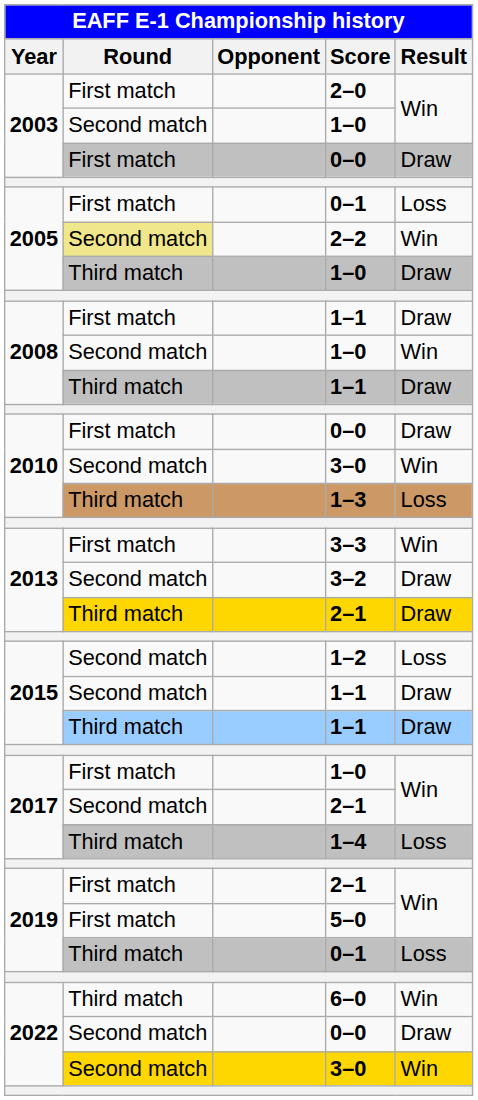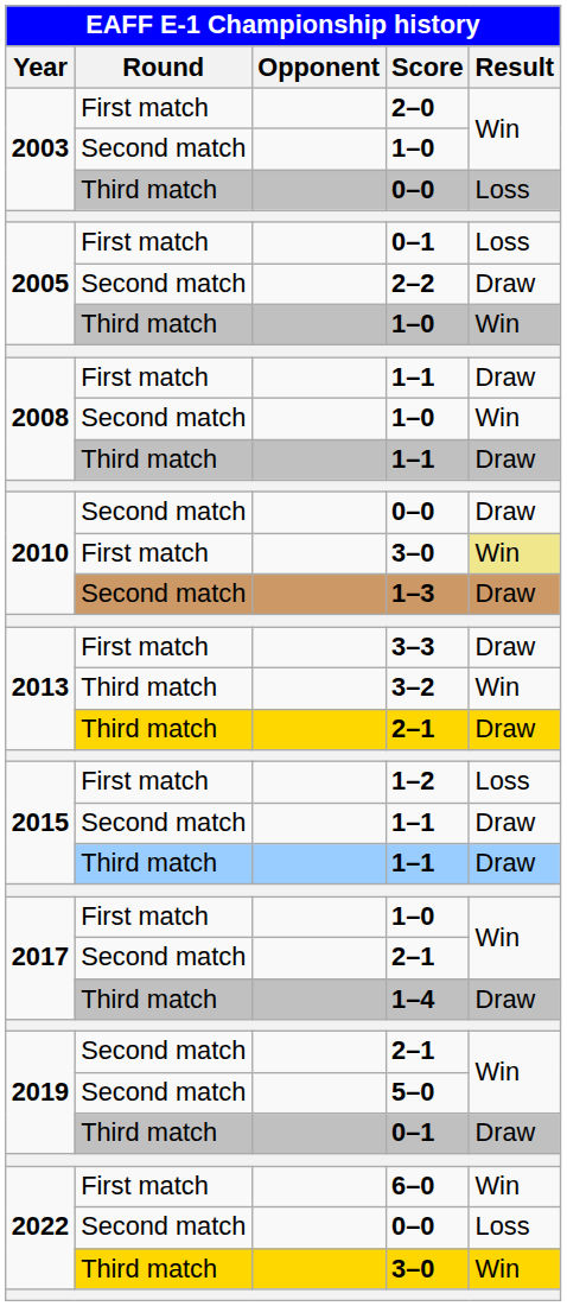 <table class="wikitable collapsible ">
 <tr>
 <th colspan="5"style="background:blue;color:white">EAFF E-1 Championship history</th>
 </tr>
 <tr>
 <th>Year</th>
 <th>Round</th>
 <th>Opponent</th>
 <th>Score</th>
 <th>Result</th>
 </tr>
 <tr>
 <td rowspan="3"><strong>2003</strong></td>
 <td>First match</td>
 <td align=left></td>
 <td><strong>2–0</strong></td>
 <td rowspan="2">Win</td>
 </tr>
 <tr>
 <td>Second match</td>
 <td align=left></td>
 <td><strong>1–0</strong></td>
 </tr>
 <tr style="background:silver">
-<td>First match</td>
+<td>Third match</td>
 <td align=left></td>
 <td><strong>0–0</strong></td>
-<td>Draw</td>
+<td>Loss</td>
 </tr>
 <tr>
 <th colspan="5"></th>
 </tr>
 <tr>
 <td rowspan="3"><strong>2005</strong></td>
 <td>First match</td>
 <td align=left></td>
 <td><strong>0–1</strong></td>
 <td>Loss</td>
 </tr>
 <tr>
-<td style="background: khaki;">Second match</td>
+<td>Second match</td>
 <td align=left></td>
 <td><strong>2–2</strong></td>
-<td>Win</td>
+<td>Draw</td>
 </tr>
 <tr style="background:silver">
 <td>Third match</td>
 <td align=left></td>
 <td><strong>1–0</strong></td>
-<td>Draw</td>
+<td>Win</td>
 </tr>
 <tr>
 <th colspan="5"></th>
 </tr>
 <tr>
 <td rowspan="3"><strong>2008</strong></td>
 <td>First match</td>
 <td align=left></td>
 <td><strong>1–1</strong></td>
 <td>Draw</td>
 </tr>
 <tr>
 <td>Second match</td>
 <td align=left></td>
 <td><strong>1–0</strong></td>
 <td>Win</td>
 </tr>
 <tr style="background:silver">
 <td>Third match</td>
 <td align=left></td>
 <td><strong>1–1</strong></td>
 <td>Draw</td>
 </tr>
 <tr>
 <th colspan="5"></th>
 </tr>
 <tr>
 <td rowspan="3"><strong>2010</strong></td>
-<td>First match</td>
+<td>Second match</td>
 <td align=left></td>
 <td><strong>0–0</strong></td>
 <td>Draw</td>
 </tr>
 <tr>
+<td>First match</td>
+<td align=left></td>
+<td><strong>3–0</strong></td>
+<td style="background: khaki;">Win</td>
+</tr>
+<tr style="background:#c96">
 <td>Second match</td>
 <td align=left></td>
-<td><strong>3–0</strong></td>
-<td>Win</td>
-</tr>
-<tr style="background:#c96">
-<td>Third match</td>
-<td align=left></td>
 <td><strong>1–3</strong></td>
-<td>Loss</td>
+<td>Draw</td>
 </tr>
 <tr>
 <th colspan="5"></th>
 </tr>
 <tr>
 <td rowspan="3"><strong>2013</strong></td>
 <td>First match</td>
 <td align=left></td>
 <td><strong>3–3</strong></td>
-<td>Win</td>
+<td>Draw</td>
 </tr>
 <tr>
-<td>Second match</td>
+<td>Third match</td>
 <td align=left></td>
 <td><strong>3–2</strong></td>
-<td>Draw</td>
+<td>Win</td>
 </tr>
 <tr style="background:gold">
 <td>Third match</td>
 <td align=left></td>
 <td><strong>2–1</strong></td>
 <td>Draw</td>
 </tr>
 <tr>
 <th colspan="5"></th>
 </tr>
 <tr>
 <td rowspan="3"><strong>2015</strong></td>
-<td>Second match</td>
+<td>First match</td>
 <td align=left></td>
 <td><strong>1–2</strong></td>
 <td>Loss</td>
 </tr>
 <tr>
 <td>Second match</td>
 <td align=left></td>
 <td><strong>1–1</strong></td>
 <td>Draw</td>
 </tr>
 <tr style="background:#9acdff">
 <td>Third match</td>
 <td align=left></td>
 <td><strong>1–1</strong></td>
 <td>Draw</td>
 </tr>
 <tr>
 <th colspan="5"></th>
 </tr>
 <tr>
 <td rowspan="3"><strong>2017</strong></td>
 <td>First match</td>
 <td align=left></td>
 <td><strong>1–0</strong></td>
 <td rowspan="2">Win</td>
 </tr>
 <tr>
 <td>Second match</td>
 <td align=left></td>
 <td><strong>2–1</strong></td>
 </tr>
 <tr style="background:silver">
 <td>Third match</td>
 <td align=left></td>
 <td><strong>1–4</strong></td>
-<td>Loss</td>
+<td>Draw</td>
 </tr>
 <tr>
 <th colspan="5"></th>
 </tr>
 <tr>
 <td rowspan="3"><strong>2019</strong></td>
-<td>First match</td>
+<td>Second match</td>
 <td align=left></td>
 <td><strong>2–1</strong></td>
 <td rowspan="2">Win</td>
 </tr>
 <tr>
-<td>First match</td>
+<td>Second match</td>
 <td align=left></td>
 <td><strong>5–0</strong></td>
 </tr>
 <tr style="background:silver">
 <td>Third match</td>
 <td align=left></td>
 <td><strong>0–1</strong></td>
-<td>Loss</td>
+<td>Draw</td>
 </tr>
 <tr>
 <th colspan="5"></th>
 </tr>
 <tr>
 <td rowspan="3"><strong>2022</strong></td>
-<td>Third match</td>
+<td>First match</td>
 <td align=left></td>
 <td><strong>6–0</strong></td>
 <td>Win</td>
 </tr>
 <tr>
 <td>Second match</td>
 <td align=left></td>
 <td><strong>0–0</strong></td>
-<td>Draw</td>
+<td>Loss</td>
 </tr>
 <tr style="background:gold">
-<td>Second match</td>
+<td>Third match</td>
 <td align=left></td>
 <td><strong>3–0</strong></td>
 <td>Win</td>
 </tr>
 <tr>
 <th colspan="5"></th>
 </tr>
 </table>
